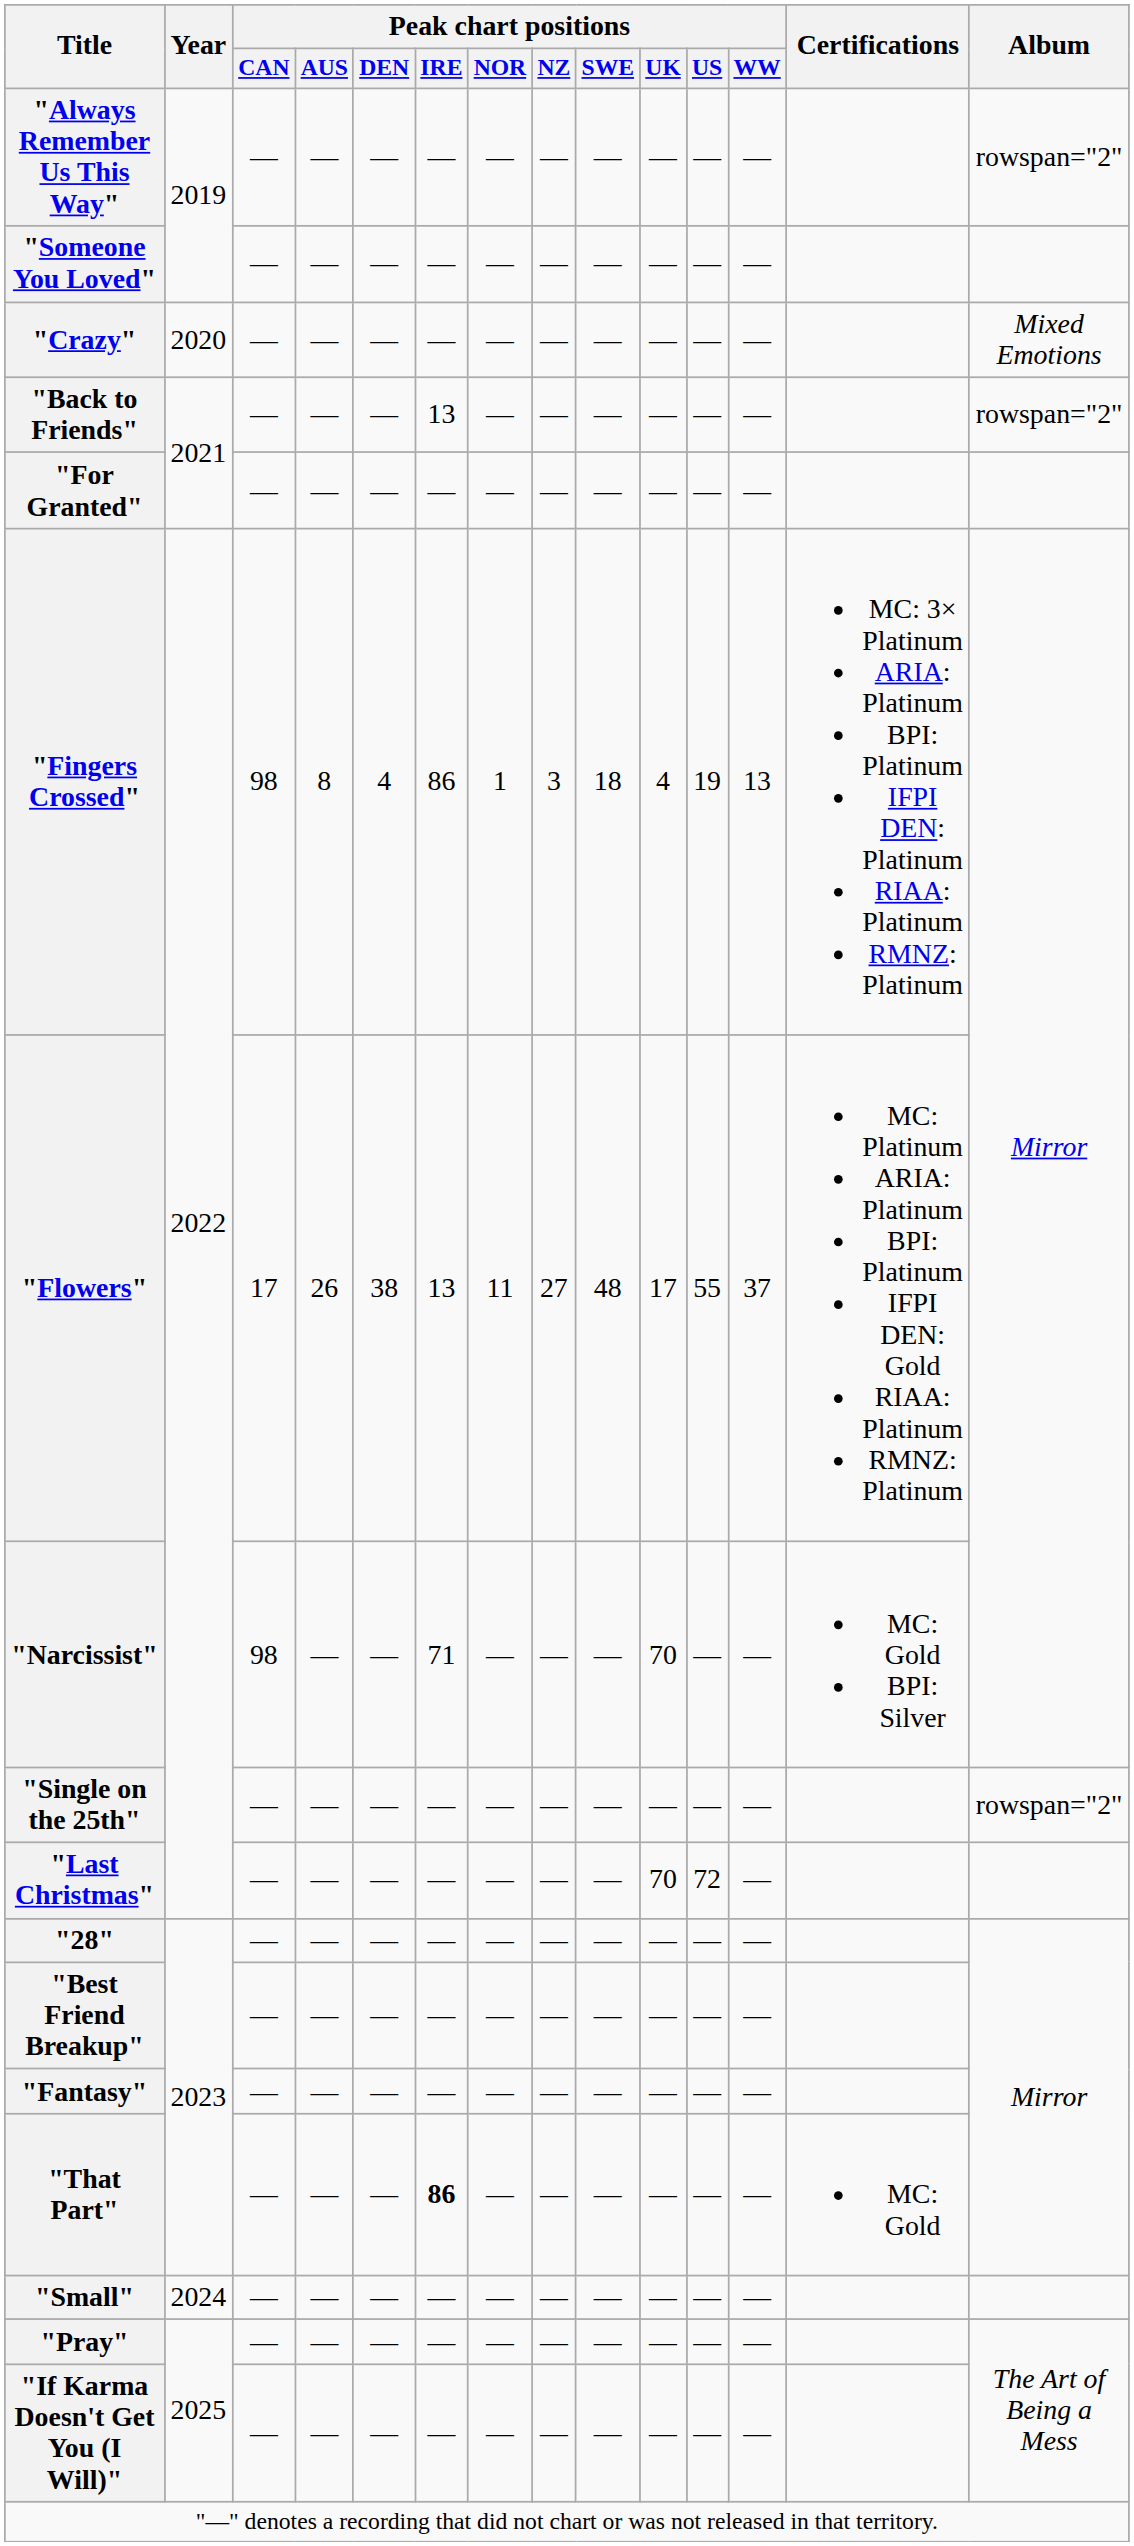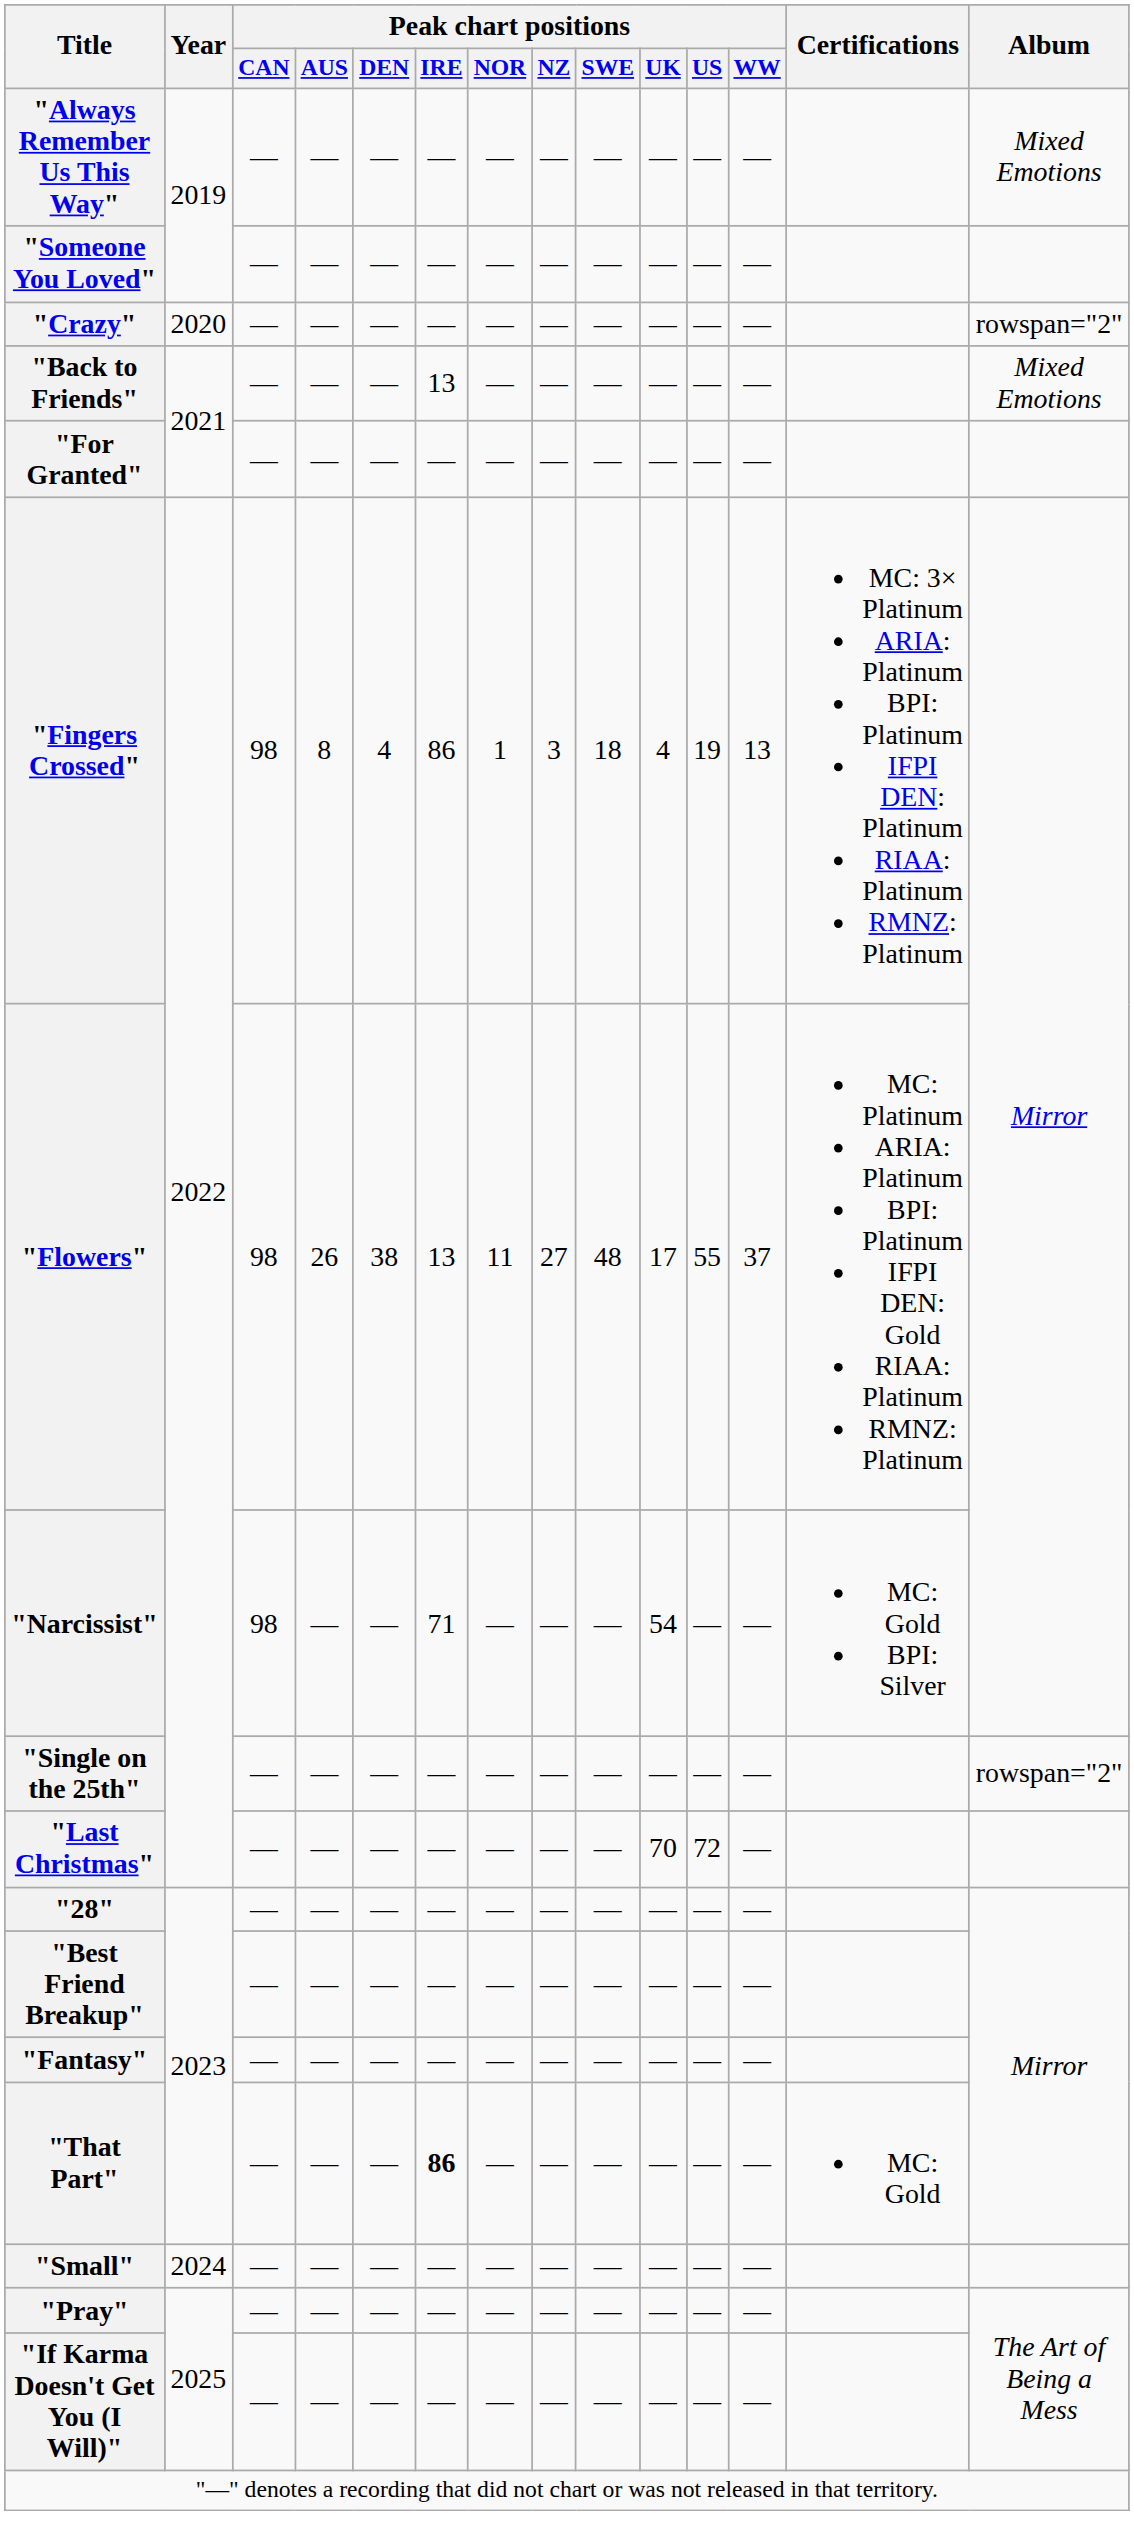 <table class="wikitable plainrowheaders" style="text-align:center;">
 <tr>
 <th scope="col" rowspan="2">Title</th>
 <th scope="col" rowspan="2">Year</th>
 <th scope="col" colspan="10">Peak chart positions</th>
 <th scope="col" rowspan="2">Certifications</th>
 <th scope="col" rowspan="2">Album</th>
 </tr>
 <tr>
 <th scope="col" style="width:3em;font-size:85%;"><a href='#'>CAN</a><br></th>
 <th scope="col" style="width:3em;font-size:85%;"><a href='#'>AUS</a><br></th>
 <th scope="col" style="width:3em;font-size:85%;"><a href='#'>DEN</a><br></th>
 <th scope="col" style="width:3em;font-size:85%;"><a href='#'>IRE</a><br></th>
 <th scope="col" style="width:3em;font-size:85%;"><a href='#'>NOR</a><br></th>
 <th scope="col" style="width:3em;font-size:85%;"><a href='#'>NZ</a><br></th>
 <th scope="col" style="width:3em;font-size:85%;"><a href='#'>SWE</a><br></th>
 <th scope="col" style="width:3em;font-size:85%;"><a href='#'>UK</a><br></th>
 <th scope="col" style="width:3em;font-size:85%;"><a href='#'>US</a><br></th>
 <th scope="col" style="width:3em;font-size:85%;"><a href='#'>WW</a><br></th>
 </tr>
 <tr>
 <th scope="row">"<a href='#'>Always Remember Us This Way</a>"</th>
 <td rowspan="2">2019</td>
 <td>—</td>
 <td>—</td>
 <td>—</td>
 <td>—</td>
 <td>—</td>
 <td>—</td>
 <td>—</td>
 <td>—</td>
 <td>—</td>
 <td>—</td>
 <td></td>
-<td>rowspan="2" </td>
+<td><em>Mixed Emotions</em></td>
 </tr>
 <tr>
 <th scope="row">"<a href='#'>Someone You Loved</a>"</th>
 <td>—</td>
 <td>—</td>
 <td>—</td>
 <td>—</td>
 <td>—</td>
 <td>—</td>
 <td>—</td>
 <td>—</td>
 <td>—</td>
 <td>—</td>
 <td></td>
 </tr>
 <tr>
 <th scope="row">"<a href='#'>Crazy</a>"</th>
 <td>2020</td>
 <td>—</td>
 <td>—</td>
 <td>—</td>
 <td>—</td>
 <td>—</td>
 <td>—</td>
 <td>—</td>
 <td>—</td>
 <td>—</td>
 <td>—</td>
 <td></td>
-<td><em>Mixed Emotions</em></td>
+<td>rowspan="2" </td>
 </tr>
 <tr>
 <th scope="row">"Back to Friends"</th>
 <td rowspan="2">2021</td>
 <td>—</td>
 <td>—</td>
 <td>—</td>
 <td>13</td>
 <td>—</td>
 <td>—</td>
 <td>—</td>
 <td>—</td>
 <td>—</td>
 <td>—</td>
 <td></td>
-<td>rowspan="2" </td>
+<td><em>Mixed Emotions</em></td>
 </tr>
 <tr>
 <th scope="row">"For Granted"</th>
 <td>—</td>
 <td>—</td>
 <td>—</td>
 <td>—</td>
 <td>—</td>
 <td>—</td>
 <td>—</td>
 <td>—</td>
 <td>—</td>
 <td>—</td>
 <td></td>
 </tr>
 <tr>
 <th scope="row">"<a href='#'>Fingers Crossed</a>"</th>
 <td rowspan="5">2022</td>
 <td>98</td>
 <td>8</td>
 <td>4</td>
 <td>86</td>
 <td>1</td>
 <td>3</td>
 <td>18</td>
 <td>4</td>
 <td>19</td>
 <td>13</td>
 <td><br><ul><li>MC: 3× Platinum</li><li><a href='#'>ARIA</a>: Platinum</li><li>BPI: Platinum</li><li><a href='#'>IFPI DEN</a>: Platinum</li><li><a href='#'>RIAA</a>: Platinum</li><li><a href='#'>RMNZ</a>: Platinum</li></ul></td>
 <td rowspan="3"><em><a href='#'>Mirror</a></em></td>
 </tr>
 <tr>
 <th scope="row">"<a href='#'>Flowers</a>"</th>
-<td>17</td>
+<td>98</td>
 <td>26</td>
 <td>38</td>
 <td>13</td>
 <td>11</td>
 <td>27</td>
 <td>48</td>
 <td>17</td>
 <td>55</td>
 <td>37</td>
 <td><br><ul><li>MC: Platinum</li><li>ARIA: Platinum</li><li>BPI: Platinum</li><li>IFPI DEN: Gold</li><li>RIAA: Platinum</li><li>RMNZ: Platinum</li></ul></td>
 </tr>
 <tr>
 <th scope="row">"Narcissist"</th>
 <td>98</td>
 <td>—</td>
 <td>—</td>
 <td>71</td>
 <td>—</td>
 <td>—</td>
 <td>—</td>
-<td>70</td>
+<td>54</td>
 <td>—</td>
 <td>—</td>
 <td><br><ul><li>MC: Gold</li><li>BPI: Silver</li></ul></td>
 </tr>
 <tr>
 <th scope="row">"Single on the 25th"</th>
 <td>—</td>
 <td>—</td>
 <td>—</td>
 <td>—</td>
 <td>—</td>
 <td>—</td>
 <td>—</td>
 <td>—</td>
 <td>—</td>
 <td>—</td>
 <td></td>
 <td>rowspan="2" </td>
 </tr>
 <tr>
 <th scope="row">"<a href='#'>Last Christmas</a>"</th>
 <td>—</td>
 <td>—</td>
 <td>—</td>
 <td>—</td>
 <td>—</td>
 <td>—</td>
 <td>—</td>
 <td>70</td>
 <td>72</td>
 <td>—</td>
 <td></td>
 </tr>
 <tr>
 <th scope="row">"28"</th>
 <td rowspan="4">2023</td>
 <td>—</td>
 <td>—</td>
 <td>—</td>
 <td>—</td>
 <td>—</td>
 <td>—</td>
 <td>—</td>
 <td>—</td>
 <td>—</td>
 <td>—</td>
 <td></td>
 <td rowspan="4"><em>Mirror</em></td>
 </tr>
 <tr>
 <th scope="row">"Best Friend Breakup"</th>
 <td>—</td>
 <td>—</td>
 <td>—</td>
 <td>—</td>
 <td>—</td>
 <td>—</td>
 <td>—</td>
 <td>—</td>
 <td>—</td>
 <td>—</td>
 <td></td>
 </tr>
 <tr>
 <th scope="row">"Fantasy"<br></th>
 <td>—</td>
 <td>—</td>
 <td>—</td>
 <td>—</td>
 <td>—</td>
 <td>—</td>
 <td>—</td>
 <td>—</td>
 <td>—</td>
 <td>—</td>
 <td></td>
 </tr>
 <tr>
 <th scope="row">"That Part"</th>
 <td>—</td>
 <td>—</td>
 <td>—</td>
 <td><strong>86</strong></td>
 <td>—</td>
 <td>—</td>
 <td>—</td>
 <td>—</td>
 <td>—</td>
 <td>—</td>
 <td><br><ul><li>MC: Gold</li></ul></td>
 </tr>
 <tr>
 <th scope="row">"Small"</th>
 <td>2024</td>
 <td>—</td>
 <td>—</td>
 <td>—</td>
 <td>—</td>
 <td>—</td>
 <td>—</td>
 <td>—</td>
 <td>—</td>
 <td>—</td>
 <td>—</td>
 <td></td>
 <td></td>
 </tr>
 <tr>
 <th scope="row">"Pray"</th>
 <td rowspan="2">2025</td>
 <td>—</td>
 <td>—</td>
 <td>—</td>
 <td>—</td>
 <td>—</td>
 <td>—</td>
 <td>—</td>
 <td>—</td>
 <td>—</td>
 <td>—</td>
 <td></td>
 <td rowspan="2"><em>The Art of Being a Mess</em></td>
 </tr>
 <tr>
 <th scope="row">"If Karma Doesn't Get You (I Will)"</th>
 <td>—</td>
 <td>—</td>
 <td>—</td>
 <td>—</td>
 <td>—</td>
 <td>—</td>
 <td>—</td>
 <td>—</td>
 <td>—</td>
 <td>—</td>
 </tr>
 <tr>
 <td colspan="16" style="font-size:85%;">"—" denotes a recording that did not chart or was not released in that territory.</td>
 </tr>
 </table>
